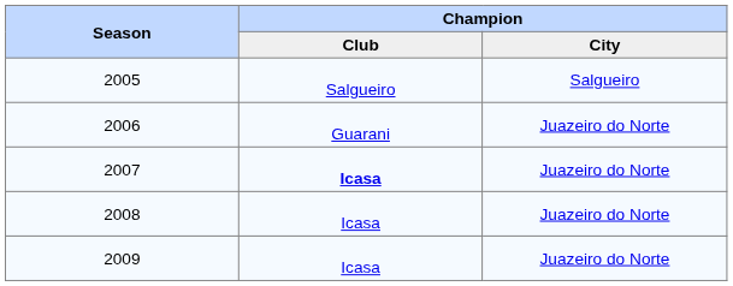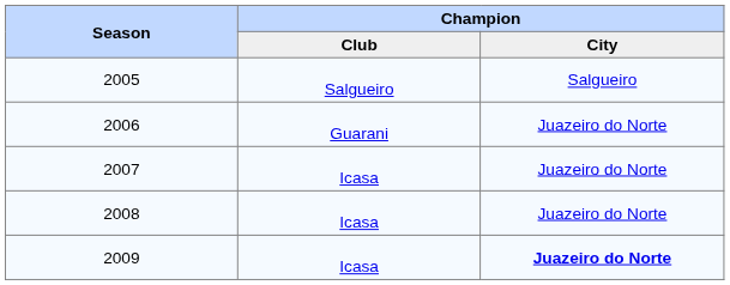 <table border=1 style="border-collapse:collapse; font-size:90%;" cellpadding=3 cellspacing=0 width=50%>
 <tr bgcolor=#C1D8FF align=center>
 <th rowspan=2 width=5%>Season</th>
 <th colspan=2>Champion</th>
 </tr>
 <tr bgcolor=#EFEFEF>
 <th width=5%>Club</th>
 <th width=5%>City</th>
 </tr>
 <tr bgcolor=#F5FAFF>
 <td align="center">2005</td>
 <td align="center"><br><a href='#'>Salgueiro</a></td>
 <td align="center"><a href='#'>Salgueiro</a></td>
 </tr>
 <tr bgcolor=#F5FAFF>
 <td align="center">2006</td>
 <td align="center"><br><a href='#'>Guarani</a></td>
 <td align="center"><a href='#'>Juazeiro do Norte</a></td>
 </tr>
 <tr bgcolor=#F5FAFF>
 <td align="center">2007</td>
-<td align="center"><strong><br><a href='#'>Icasa</a></strong></td>
+<td align="center"><br><a href='#'>Icasa</a></td>
 <td align="center"><a href='#'>Juazeiro do Norte</a></td>
 </tr>
 <tr bgcolor=#F5FAFF>
 <td align="center">2008</td>
 <td align="center"><br><a href='#'>Icasa</a></td>
 <td align="center"><a href='#'>Juazeiro do Norte</a></td>
 </tr>
 <tr bgcolor=#F5FAFF>
 <td align="center">2009</td>
 <td align="center"><br><a href='#'>Icasa</a></td>
-<td align="center"><a href='#'>Juazeiro do Norte</a></td>
+<td align="center"><strong><a href='#'>Juazeiro do Norte</a></strong></td>
 </tr>
 </table>
